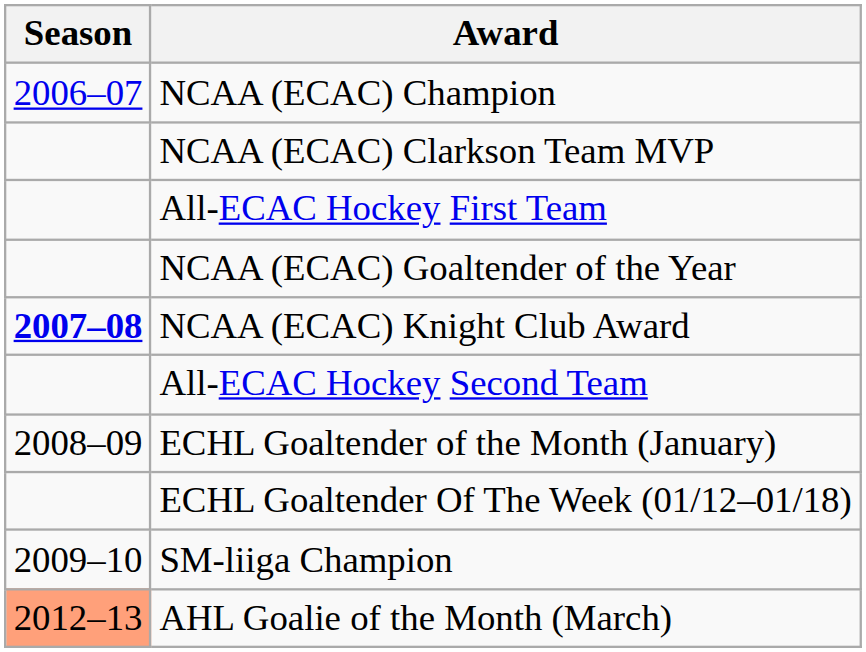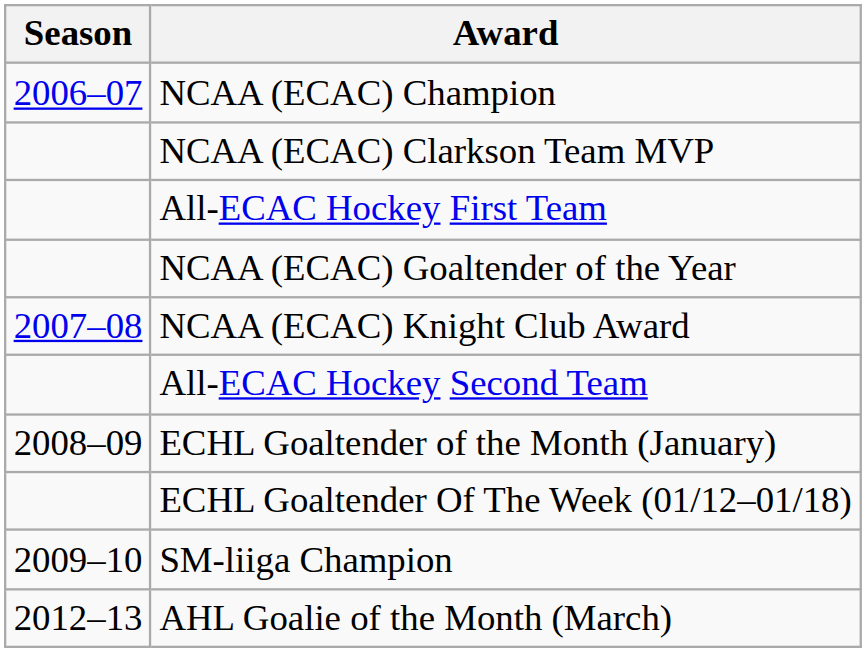 <table class="wikitable">
 <tr>
 <th>Season</th>
 <th>Award</th>
 </tr>
 <tr>
 <td><a href='#'>2006–07</a></td>
 <td>NCAA (ECAC) Champion</td>
 </tr>
 <tr>
 <td></td>
 <td>NCAA (ECAC) Clarkson Team MVP</td>
 </tr>
 <tr>
 <td></td>
 <td>All-<a href='#'>ECAC Hockey</a> <a href='#'>First Team</a></td>
 </tr>
 <tr>
 <td></td>
 <td>NCAA (ECAC) Goaltender of the Year</td>
 </tr>
 <tr>
-<td><strong><a href='#'>2007–08</a></strong></td>
+<td><a href='#'>2007–08</a></td>
 <td>NCAA (ECAC) Knight Club Award</td>
 </tr>
 <tr>
 <td></td>
 <td>All-<a href='#'>ECAC Hockey</a> <a href='#'>Second Team</a></td>
 </tr>
 <tr>
 <td>2008–09</td>
 <td>ECHL Goaltender of the Month (January)</td>
 </tr>
 <tr>
 <td></td>
 <td>ECHL Goaltender Of The Week (01/12–01/18)</td>
 </tr>
 <tr>
 <td>2009–10</td>
 <td>SM-liiga Champion</td>
 </tr>
 <tr>
-<td style="background: lightsalmon;">2012–13</td>
+<td>2012–13</td>
 <td>AHL Goalie of the Month (March)</td>
 </tr>
 </table>
